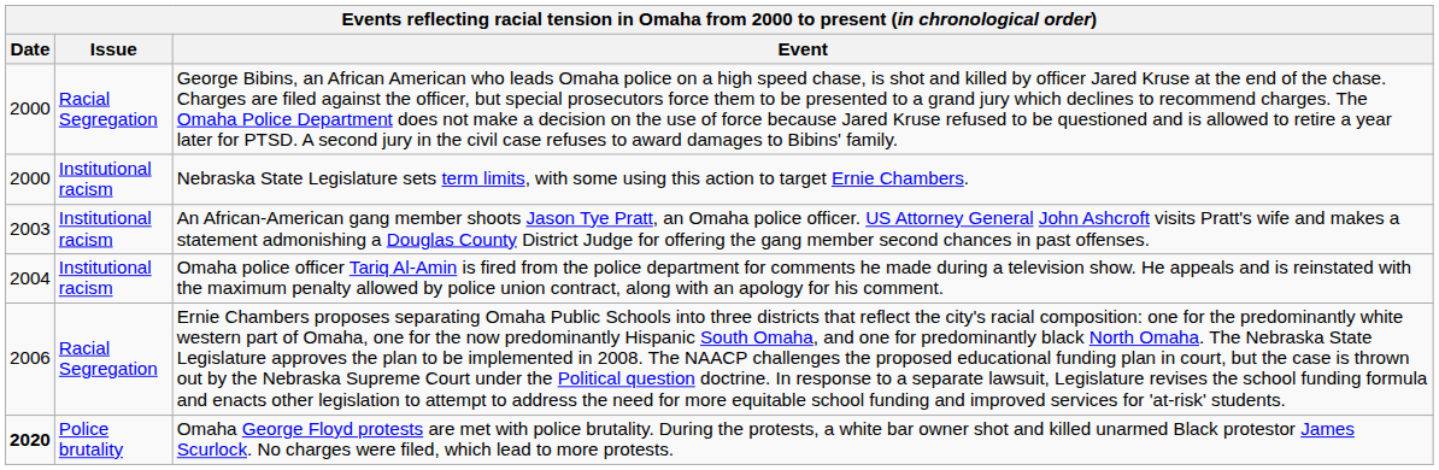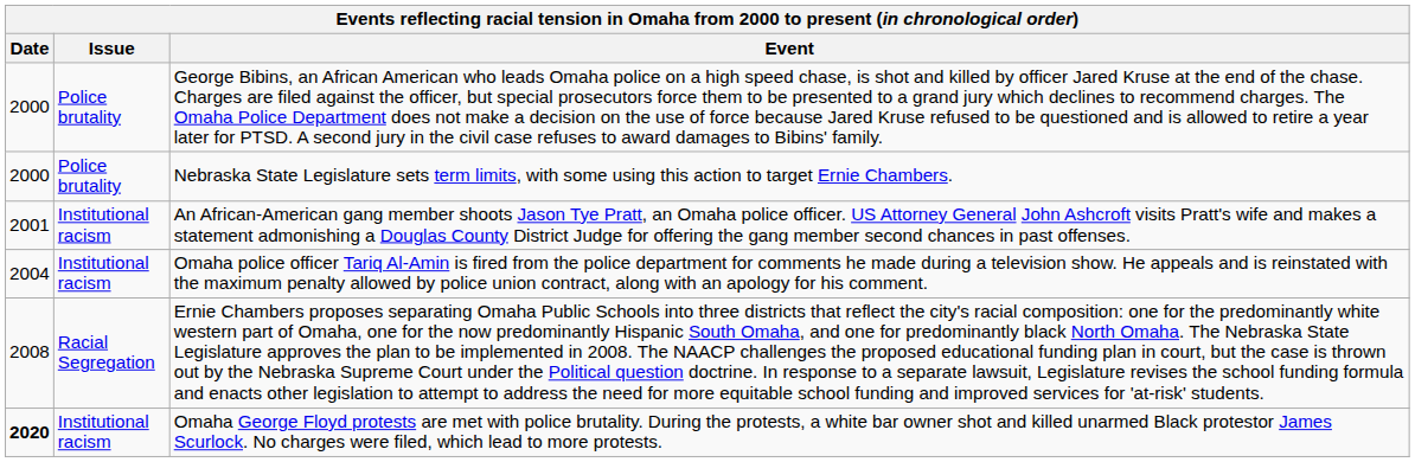 <table class="wikitable">
 <tr>
 <th align="center" colspan="6"><strong>Events reflecting racial tension in Omaha from 2000 to present</strong> (<em>in chronological order</em>)</th>
 </tr>
 <tr>
 <th>Date</th>
 <th>Issue</th>
 <th>Event</th>
 </tr>
 <tr>
 <td>2000</td>
-<td><a href='#'>Racial Segregation</a></td>
+<td><a href='#'>Police brutality</a></td>
 <td>George Bibins, an African American who leads Omaha police on a high speed chase, is shot and killed by officer Jared Kruse at the end of the chase. Charges are filed against the officer, but special prosecutors force them to be presented to a grand jury which declines to recommend charges. The <a href='#'>Omaha Police Department</a> does not make a decision on the use of force because Jared Kruse refused to be questioned and is allowed to retire a year later for PTSD. A second jury in the civil case refuses to award damages to Bibins' family.</td>
 </tr>
 <tr>
 <td>2000</td>
-<td><a href='#'>Institutional racism</a></td>
+<td><a href='#'>Police brutality</a></td>
 <td>Nebraska State Legislature sets <a href='#'>term limits</a>, with some using this action to target <a href='#'>Ernie Chambers</a>.</td>
 </tr>
 <tr>
-<td>2003</td>
+<td>2001</td>
 <td><a href='#'>Institutional racism</a></td>
 <td>An African-American gang member shoots <a href='#'>Jason Tye Pratt</a>, an Omaha police officer. <a href='#'>US Attorney General</a> <a href='#'>John Ashcroft</a> visits Pratt's wife and makes a statement admonishing a <a href='#'>Douglas County</a> District Judge for offering the gang member second chances in past offenses. </td>
 </tr>
 <tr>
 <td>2004</td>
 <td><a href='#'>Institutional racism</a></td>
 <td>Omaha police officer <a href='#'>Tariq Al-Amin</a> is fired from the police department for comments he made during a television show. He appeals and is reinstated with the maximum penalty allowed by police union contract, along with an apology for his comment.</td>
 </tr>
 <tr>
-<td>2006</td>
+<td>2008</td>
 <td><a href='#'>Racial Segregation</a></td>
 <td>Ernie Chambers proposes separating Omaha Public Schools into three districts that reflect the city's racial composition: one for the predominantly white western part of Omaha, one for the now predominantly Hispanic <a href='#'>South Omaha</a>, and one for predominantly black <a href='#'>North Omaha</a>. The Nebraska State Legislature approves the plan to be implemented in 2008. The NAACP challenges the proposed educational funding plan in court, but the case is thrown out by the Nebraska Supreme Court under the <a href='#'>Political question</a> doctrine. In response to a separate lawsuit, Legislature revises the school funding formula and enacts other legislation to attempt to address the need for more equitable school funding and improved services for 'at-risk' students.</td>
 </tr>
 <tr>
 <td><strong>2020</strong></td>
-<td><a href='#'>Police brutality</a></td>
+<td><a href='#'>Institutional racism</a></td>
 <td>Omaha <a href='#'>George Floyd protests</a> are met with police brutality. During the protests, a white bar owner shot and killed unarmed Black protestor <a href='#'>James Scurlock</a>. No charges were filed, which lead to more protests.</td>
 </tr>
 </table>
